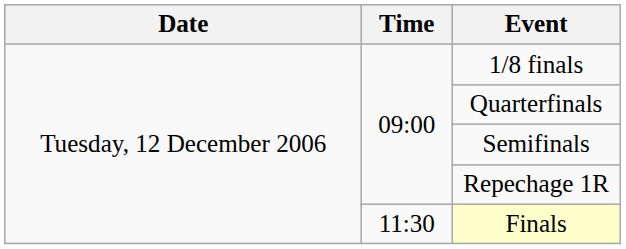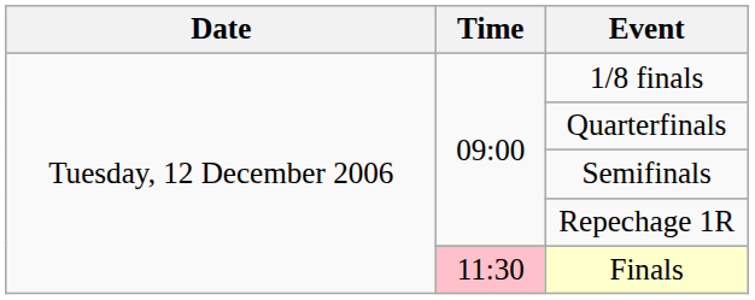 <table class = "wikitable" style="text-align:center;">
 <tr>
 <th width=220>Date</th>
 <th width=50>Time</th>
 <th width=100>Event</th>
 </tr>
 <tr>
 <td rowspan=5>Tuesday, 12 December 2006</td>
 <td rowspan=4>09:00</td>
 <td>1/8 finals</td>
 </tr>
 <tr>
 <td>Quarterfinals</td>
 </tr>
 <tr>
 <td>Semifinals</td>
 </tr>
 <tr>
 <td>Repechage 1R</td>
 </tr>
 <tr>
-<td>11:30</td>
+<td style="background: pink;">11:30</td>
 <td bgcolor=ffffcc>Finals</td>
 </tr>
 </table>
